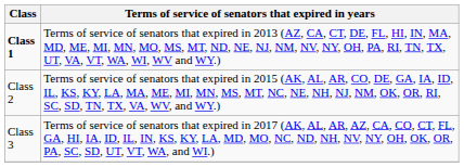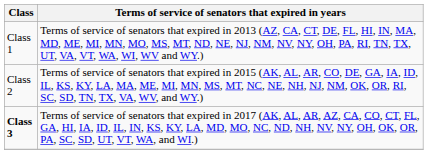 <table class="wikitable sortable">
 <tr valign=bottom>
 <th>Class</th>
 <th>Terms of service of senators that expired in years</th>
 </tr>
 <tr>
-<td><strong>Class 1</strong></td>
+<td>Class 1</td>
 <td>Terms of service of senators that expired in 2013 (<a href='#'>AZ</a>, <a href='#'>CA</a>, <a href='#'>CT</a>, <a href='#'>DE</a>, <a href='#'>FL</a>, <a href='#'>HI</a>, <a href='#'>IN</a>, <a href='#'>MA</a>, <a href='#'>MD</a>, <a href='#'>ME</a>, <a href='#'>MI</a>, <a href='#'>MN</a>, <a href='#'>MO</a>, <a href='#'>MS</a>, <a href='#'>MT</a>, <a href='#'>ND</a>, <a href='#'>NE</a>, <a href='#'>NJ</a>, <a href='#'>NM</a>, <a href='#'>NV</a>, <a href='#'>NY</a>, <a href='#'>OH</a>, <a href='#'>PA</a>, <a href='#'>RI</a>, <a href='#'>TN</a>, <a href='#'>TX</a>, <a href='#'>UT</a>, <a href='#'>VA</a>, <a href='#'>VT</a>, <a href='#'>WA</a>, <a href='#'>WI</a>, <a href='#'>WV</a> and <a href='#'>WY</a>.)</td>
 </tr>
 <tr>
 <td>Class 2</td>
 <td>Terms of service of senators that expired in 2015 (<a href='#'>AK</a>, <a href='#'>AL</a>, <a href='#'>AR</a>, <a href='#'>CO</a>, <a href='#'>DE</a>, <a href='#'>GA</a>,  <a href='#'>IA</a>, <a href='#'>ID</a>, <a href='#'>IL</a>, <a href='#'>KS</a>, <a href='#'>KY</a>, <a href='#'>LA</a>, <a href='#'>MA</a>, <a href='#'>ME</a>, <a href='#'>MI</a>, <a href='#'>MN</a>, <a href='#'>MS</a>, <a href='#'>MT</a>, <a href='#'>NC</a>, <a href='#'>NE</a>, <a href='#'>NH</a>, <a href='#'>NJ</a>, <a href='#'>NM</a>, <a href='#'>OK</a>, <a href='#'>OR</a>, <a href='#'>RI</a>, <a href='#'>SC</a>, <a href='#'>SD</a>, <a href='#'>TN</a>, <a href='#'>TX</a>, <a href='#'>VA</a>, <a href='#'>WV</a>, and <a href='#'>WY</a>.)</td>
 </tr>
 <tr>
-<td>Class 3</td>
+<td><strong>Class 3</strong></td>
 <td>Terms of service of senators that expired in 2017 (<a href='#'>AK</a>, <a href='#'>AL</a>, <a href='#'>AR</a>, <a href='#'>AZ</a>, <a href='#'>CA</a>, <a href='#'>CO</a>, <a href='#'>CT</a>, <a href='#'>FL</a>, <a href='#'>GA</a>, <a href='#'>HI</a>, <a href='#'>IA</a>, <a href='#'>ID</a>, <a href='#'>IL</a>, <a href='#'>IN</a>, <a href='#'>KS</a>, <a href='#'>KY</a>, <a href='#'>LA</a>, <a href='#'>MD</a>, <a href='#'>MO</a>, <a href='#'>NC</a>, <a href='#'>ND</a>, <a href='#'>NH</a>, <a href='#'>NV</a>, <a href='#'>NY</a>, <a href='#'>OH</a>, <a href='#'>OK</a>, <a href='#'>OR</a>, <a href='#'>PA</a>, <a href='#'>SC</a>, <a href='#'>SD</a>, <a href='#'>UT</a>, <a href='#'>VT</a>, <a href='#'>WA</a>, and <a href='#'>WI</a>.)</td>
 </tr>
 <tr>
 </tr>
 </table>
